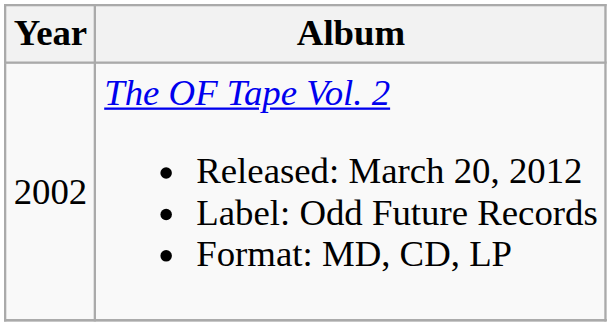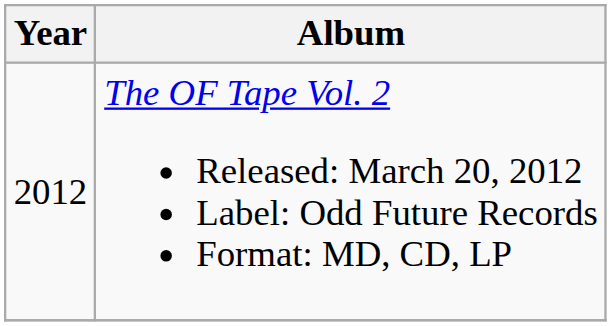 <table class="wikitable">
 <tr>
 <th>Year</th>
 <th>Album</th>
 </tr>
 <tr>
-<td align="center">2002</td>
+<td align="center">2012</td>
 <td><em><a href='#'>The OF Tape Vol. 2</a></em><br><ul><li>Released: March 20, 2012</li><li>Label: Odd Future Records</li><li>Format: MD, CD, LP</li></ul></td>
 </tr>
 <tr>
 </tr>
 </table>
